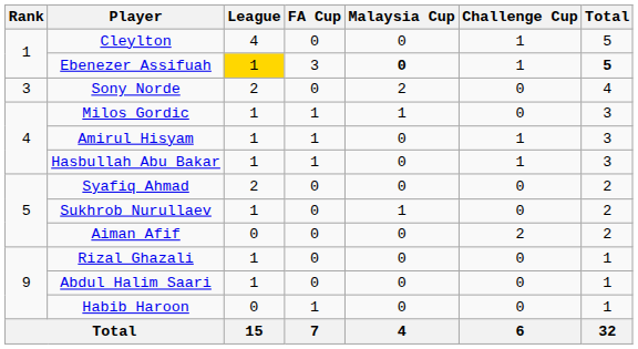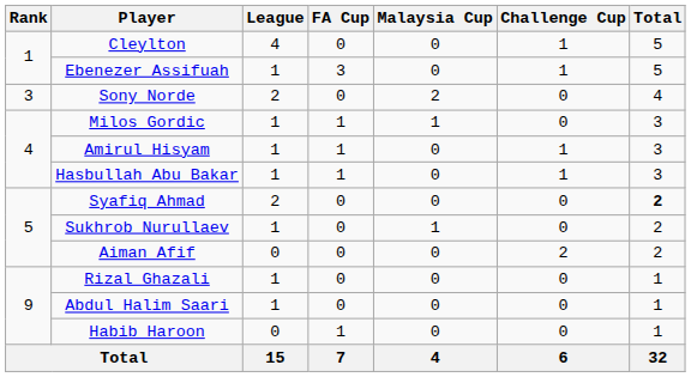 <table class="wikitable" style="text-align:center;">
 <tr>
 <th>Rank</th>
 <th>Player</th>
 <th>League</th>
 <th>FA Cup</th>
 <th>Malaysia Cup</th>
 <th>Challenge Cup</th>
 <th>Total</th>
 </tr>
 <tr>
 <td rowspan=2>1</td>
 <td> <a href='#'>Cleylton</a></td>
 <td>4</td>
 <td>0</td>
 <td>0</td>
 <td>1</td>
 <td>5</td>
 </tr>
 <tr>
 <td> <a href='#'>Ebenezer Assifuah</a></td>
-<td style="background: gold;">1</td>
+<td>1</td>
 <td>3</td>
-<td><strong>0</strong></td>
+<td>0</td>
 <td>1</td>
-<td><strong>5</strong></td>
+<td>5</td>
 </tr>
 <tr>
 <td>3</td>
 <td> <a href='#'>Sony Norde</a></td>
 <td>2</td>
 <td>0</td>
 <td>2</td>
 <td>0</td>
 <td>4</td>
 </tr>
 <tr>
 <td rowspan=3>4</td>
 <td> <a href='#'>Milos Gordic</a></td>
 <td>1</td>
 <td>1</td>
 <td>1</td>
 <td>0</td>
 <td>3</td>
 </tr>
 <tr>
 <td> <a href='#'>Amirul Hisyam</a></td>
 <td>1</td>
 <td>1</td>
 <td>0</td>
 <td>1</td>
 <td>3</td>
 </tr>
 <tr>
 <td> <a href='#'>Hasbullah Abu Bakar</a></td>
 <td>1</td>
 <td>1</td>
 <td>0</td>
 <td>1</td>
 <td>3</td>
 </tr>
 <tr>
 <td rowspan=3>5</td>
 <td> <a href='#'>Syafiq Ahmad</a></td>
 <td>2</td>
 <td>0</td>
 <td>0</td>
 <td>0</td>
-<td>2</td>
+<td><strong>2</strong></td>
 </tr>
 <tr>
 <td> <a href='#'>Sukhrob Nurullaev</a></td>
 <td>1</td>
 <td>0</td>
 <td>1</td>
 <td>0</td>
 <td>2</td>
 </tr>
 <tr>
 <td> <a href='#'>Aiman Afif</a></td>
 <td>0</td>
 <td>0</td>
 <td>0</td>
 <td>2</td>
 <td>2</td>
 </tr>
 <tr>
 <td rowspan=3>9</td>
 <td> <a href='#'>Rizal Ghazali</a></td>
 <td>1</td>
 <td>0</td>
 <td>0</td>
 <td>0</td>
 <td>1</td>
 </tr>
 <tr>
 <td> <a href='#'>Abdul Halim Saari</a></td>
 <td>1</td>
 <td>0</td>
 <td>0</td>
 <td>0</td>
 <td>1</td>
 </tr>
 <tr>
 <td> <a href='#'>Habib Haroon</a></td>
 <td>0</td>
 <td>1</td>
 <td>0</td>
 <td>0</td>
 <td>1</td>
 </tr>
 <tr>
 <th colspan=2>Total</th>
 <th>15</th>
 <th>7</th>
 <th>4</th>
 <th>6</th>
 <th>32</th>
 </tr>
 </table>
